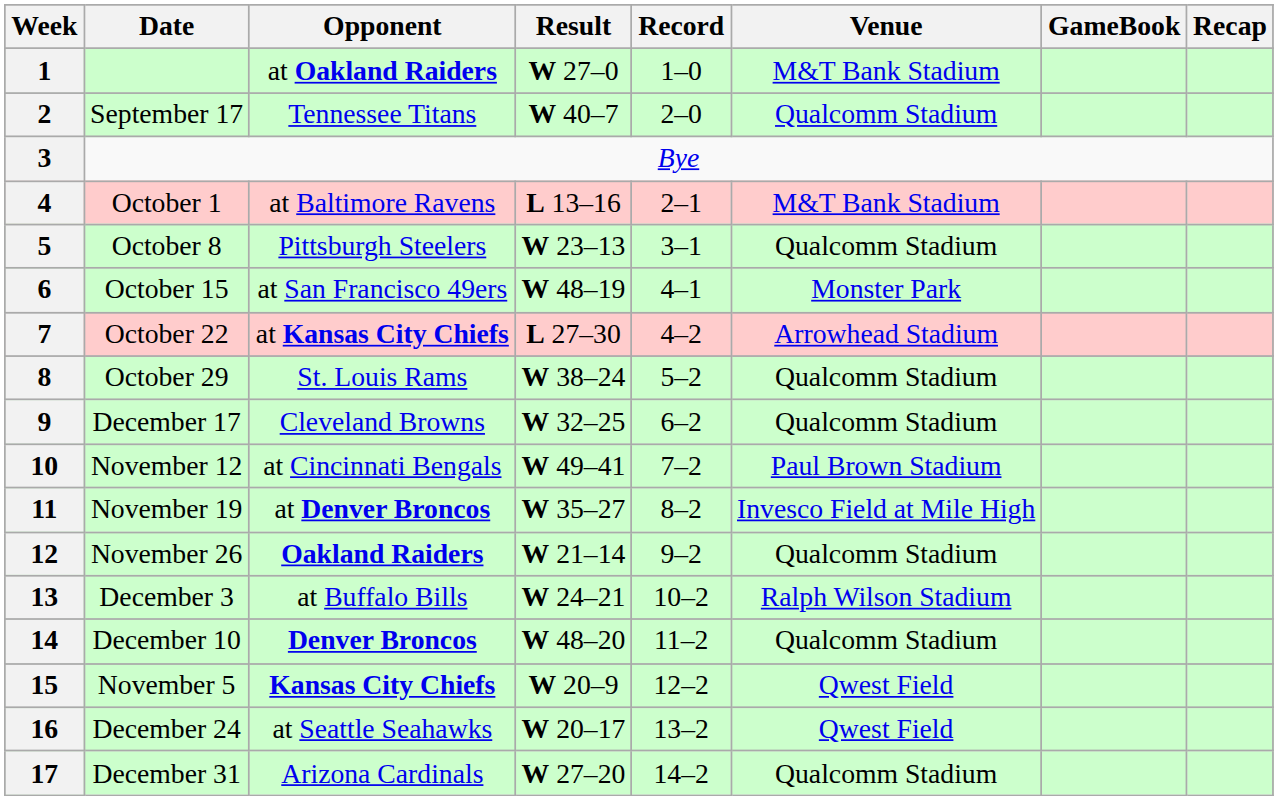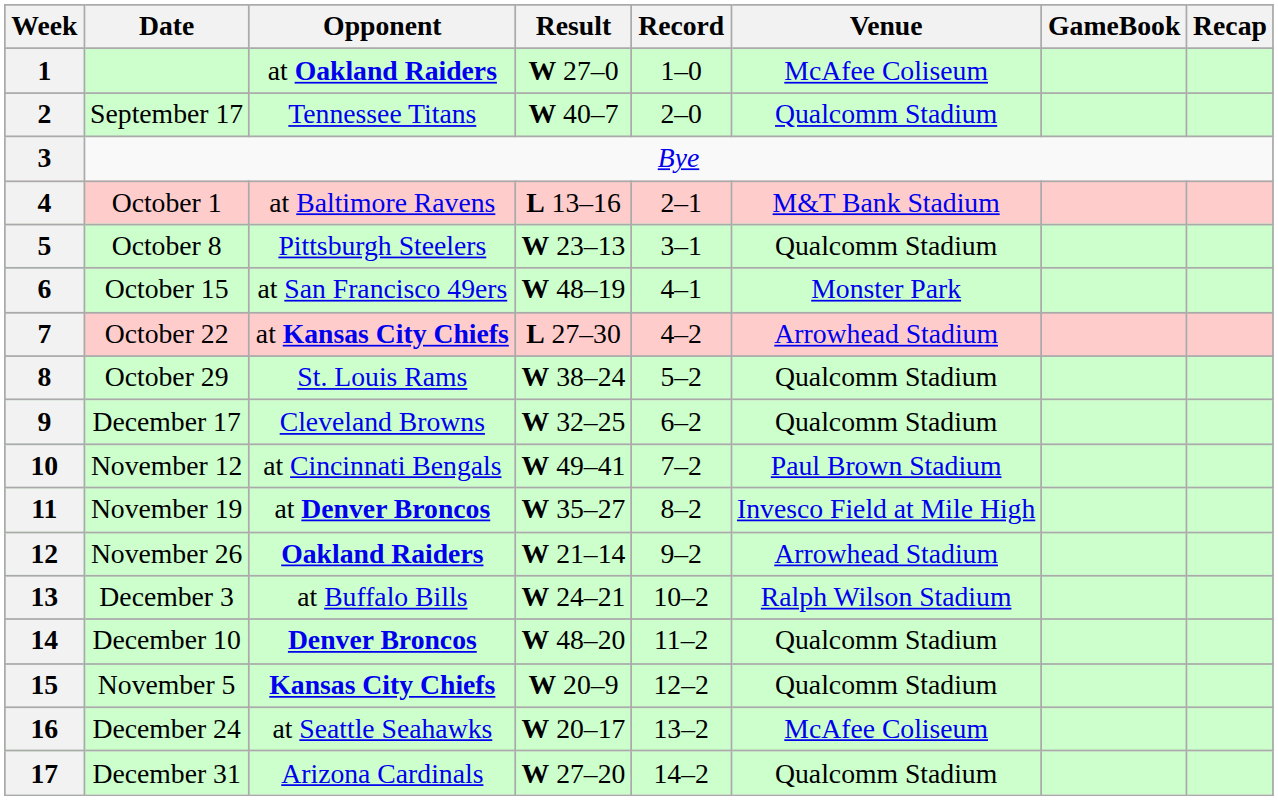 <table class="wikitable" style="align=center">
 <tr>
 <th>Week</th>
 <th>Date</th>
 <th>Opponent</th>
 <th>Result</th>
 <th>Record</th>
 <th>Venue</th>
 <th>GameBook</th>
 <th>Recap</th>
 </tr>
 <tr style="text-align:center; background:#cfc;">
 <th>1</th>
 <td></td>
 <td>at <strong><a href='#'>Oakland Raiders</a></strong></td>
 <td><strong>W</strong> 27–0</td>
 <td>1–0</td>
-<td><a href='#'>M&T Bank Stadium</a></td>
+<td><a href='#'>McAfee Coliseum</a></td>
 <td></td>
 <td></td>
 </tr>
 <tr style="text-align:center; background:#cfc;">
 <th>2</th>
 <td>September 17</td>
 <td><a href='#'>Tennessee Titans</a></td>
 <td><strong>W</strong> 40–7</td>
 <td>2–0</td>
 <td><a href='#'>Qualcomm Stadium</a></td>
 <td></td>
 <td></td>
 </tr>
 <tr style="text-align:center;">
 <th>3</th>
 <td colspan="8" style="text-align:center;"><em><a href='#'>Bye</a></em></td>
 </tr>
 <tr style="text-align:center; background:#fcc;">
 <th>4</th>
 <td>October 1</td>
 <td>at <a href='#'>Baltimore Ravens</a></td>
 <td><strong>L</strong> 13–16</td>
 <td>2–1</td>
 <td><a href='#'>M&T Bank Stadium</a></td>
 <td></td>
 <td></td>
 </tr>
 <tr style="text-align:center; background:#cfc;">
 <th>5</th>
 <td>October 8</td>
 <td><a href='#'>Pittsburgh Steelers</a></td>
 <td><strong>W</strong> 23–13</td>
 <td>3–1</td>
 <td>Qualcomm Stadium</td>
 <td></td>
 <td></td>
 </tr>
 <tr style="text-align:center; background:#cfc;">
 <th>6</th>
 <td>October 15</td>
 <td>at <a href='#'>San Francisco 49ers</a></td>
 <td><strong>W</strong> 48–19</td>
 <td>4–1</td>
 <td><a href='#'>Monster Park</a></td>
 <td></td>
 <td></td>
 </tr>
 <tr style="text-align:center; background:#fcc;">
 <th>7</th>
 <td>October 22</td>
 <td>at <strong><a href='#'>Kansas City Chiefs</a></strong></td>
 <td><strong>L</strong> 27–30</td>
 <td>4–2</td>
 <td><a href='#'>Arrowhead Stadium</a></td>
 <td></td>
 <td></td>
 </tr>
 <tr style="text-align:center; background:#cfc;">
 <th>8</th>
 <td>October 29</td>
 <td><a href='#'>St. Louis Rams</a></td>
 <td><strong>W</strong> 38–24</td>
 <td>5–2</td>
 <td>Qualcomm Stadium</td>
 <td></td>
 <td></td>
 </tr>
 <tr style="text-align:center; background:#cfc;">
 <th>9</th>
 <td>December 17</td>
 <td><a href='#'>Cleveland Browns</a></td>
 <td><strong>W</strong> 32–25</td>
 <td>6–2</td>
 <td>Qualcomm Stadium</td>
 <td></td>
 <td></td>
 </tr>
 <tr style="text-align:center; background:#cfc;">
 <th>10</th>
 <td>November 12</td>
 <td>at <a href='#'>Cincinnati Bengals</a></td>
 <td><strong>W</strong> 49–41</td>
 <td>7–2</td>
 <td><a href='#'>Paul Brown Stadium</a></td>
 <td></td>
 <td></td>
 </tr>
 <tr style="text-align:center; background:#cfc;">
 <th>11</th>
 <td>November 19</td>
 <td>at <strong><a href='#'>Denver Broncos</a></strong></td>
 <td><strong>W</strong> 35–27</td>
 <td>8–2</td>
 <td><a href='#'>Invesco Field at Mile High</a></td>
 <td></td>
 <td></td>
 </tr>
 <tr style="text-align:center; background:#cfc;">
 <th>12</th>
 <td>November 26</td>
 <td><strong><a href='#'>Oakland Raiders</a></strong></td>
 <td><strong>W</strong> 21–14</td>
 <td>9–2</td>
-<td>Qualcomm Stadium</td>
+<td><a href='#'>Arrowhead Stadium</a></td>
 <td></td>
 <td></td>
 </tr>
 <tr style="text-align:center; background:#cfc;">
 <th>13</th>
 <td>December 3</td>
 <td>at <a href='#'>Buffalo Bills</a></td>
 <td><strong>W</strong> 24–21</td>
 <td>10–2</td>
 <td><a href='#'>Ralph Wilson Stadium</a></td>
 <td></td>
 <td></td>
 </tr>
 <tr style="text-align:center; background:#cfc;">
 <th>14</th>
 <td>December 10</td>
 <td><strong><a href='#'>Denver Broncos</a></strong></td>
 <td><strong>W</strong> 48–20</td>
 <td>11–2</td>
 <td>Qualcomm Stadium</td>
 <td></td>
 <td></td>
 </tr>
 <tr style="text-align:center; background:#cfc;">
 <th>15</th>
 <td>November 5</td>
 <td><strong><a href='#'>Kansas City Chiefs</a></strong></td>
 <td><strong>W</strong> 20–9</td>
 <td>12–2</td>
-<td><a href='#'>Qwest Field</a></td>
+<td>Qualcomm Stadium</td>
 <td></td>
 <td></td>
 </tr>
 <tr style="text-align:center; background:#cfc;">
 <th>16</th>
 <td>December 24</td>
 <td>at <a href='#'>Seattle Seahawks</a></td>
 <td><strong>W</strong> 20–17</td>
 <td>13–2</td>
-<td><a href='#'>Qwest Field</a></td>
+<td><a href='#'>McAfee Coliseum</a></td>
 <td></td>
 <td></td>
 </tr>
 <tr style="text-align:center; background:#cfc;">
 <th>17</th>
 <td>December 31</td>
 <td><a href='#'>Arizona Cardinals</a></td>
 <td><strong>W</strong> 27–20</td>
 <td>14–2</td>
 <td>Qualcomm Stadium</td>
 <td></td>
 <td></td>
 </tr>
 </table>
